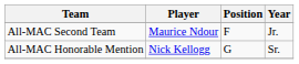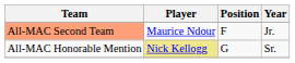 <table class="wikitable" border="1">
 <tr align=center>
 <th style= >Team</th>
 <th style= >Player</th>
 <th style= >Position</th>
 <th style= >Year</th>
 </tr>
 <tr align="center">
 </tr>
 <tr>
-<td>All-MAC Second Team</td>
+<td style="background: lightsalmon;">All-MAC Second Team</td>
 <td><a href='#'>Maurice Ndour</a></td>
 <td>F</td>
 <td>Jr.</td>
 </tr>
 <tr>
 <td>All-MAC Honorable Mention</td>
-<td><a href='#'>Nick Kellogg</a></td>
+<td style="background: khaki;"><a href='#'>Nick Kellogg</a></td>
 <td>G</td>
 <td>Sr.</td>
 </tr>
 <tr>
 </tr>
 </table>
